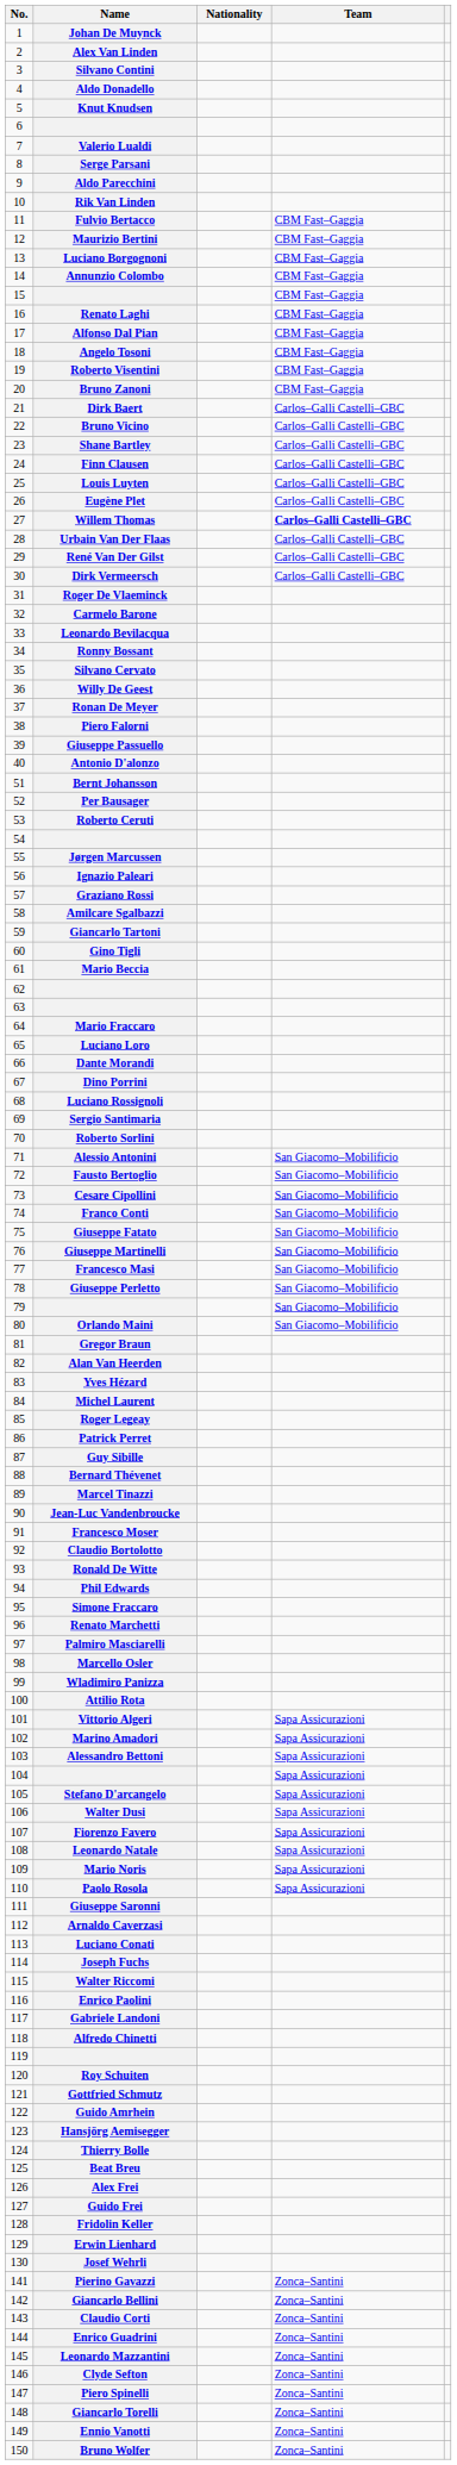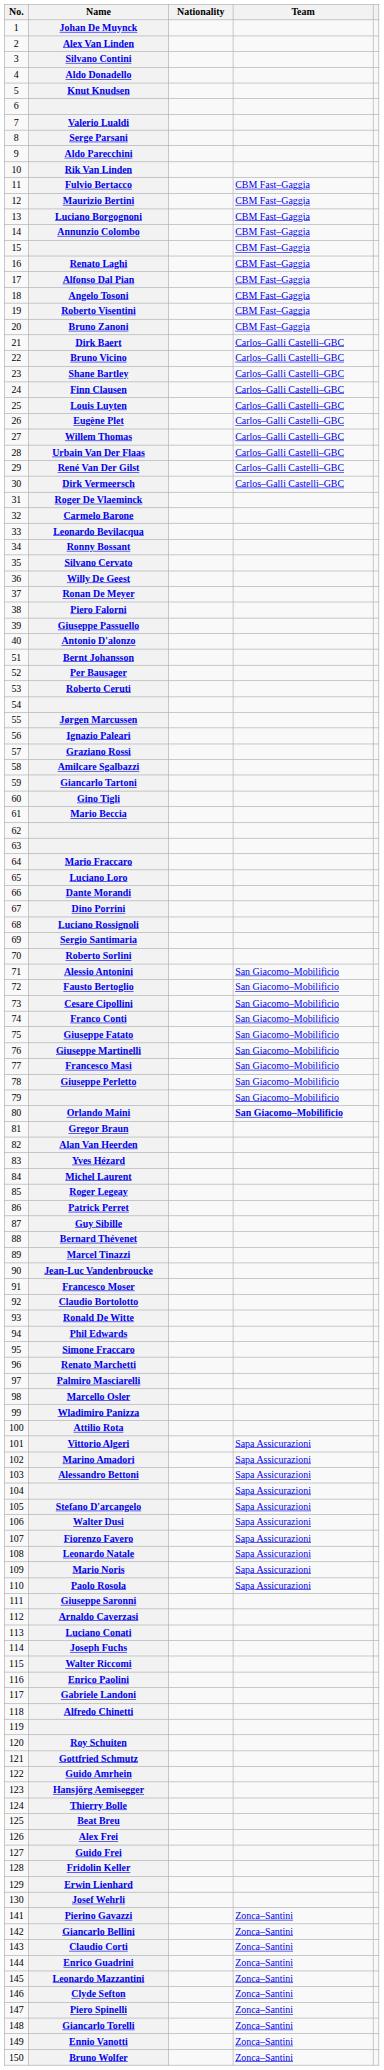 <table class="wikitable plainrowheaders sortable" style="width:97%">
 <tr>
 <th scope="col">No.</th>
 <th scope="col">Name</th>
 <th scope="col">Nationality</th>
 <th scope="col">Team</th>
 <th scope="col" class="unsortable"></th>
 </tr>
 <tr>
 <td style="text-align:center;">1</td>
 <th scope="row"><a href='#'>Johan De Muynck</a></th>
 <td></td>
 <td></td>
 <td style="text-align:center;"></td>
 </tr>
 <tr>
 <td style="text-align:center;">2</td>
 <th scope="row"><a href='#'>Alex Van Linden</a></th>
 <td></td>
 <td></td>
 <td style="text-align:center;"></td>
 </tr>
 <tr>
 <td style="text-align:center;">3</td>
 <th scope="row"><a href='#'>Silvano Contini</a></th>
 <td></td>
 <td></td>
 <td style="text-align:center;"></td>
 </tr>
 <tr>
 <td style="text-align:center;">4</td>
 <th scope="row"><a href='#'>Aldo Donadello</a></th>
 <td></td>
 <td></td>
 <td style="text-align:center;"></td>
 </tr>
 <tr>
 <td style="text-align:center;">5</td>
 <th scope="row"><a href='#'>Knut Knudsen</a></th>
 <td></td>
 <td></td>
 <td style="text-align:center;"></td>
 </tr>
 <tr>
 <td style="text-align:center;">6</td>
 <th scope="row"></th>
 <td></td>
 <td></td>
 <td style="text-align:center;"></td>
 </tr>
 <tr>
 <td style="text-align:center;">7</td>
 <th scope="row"><a href='#'>Valerio Lualdi</a></th>
 <td></td>
 <td></td>
 <td style="text-align:center;"></td>
 </tr>
 <tr>
 <td style="text-align:center;">8</td>
 <th scope="row"><a href='#'>Serge Parsani</a></th>
 <td></td>
 <td></td>
 <td style="text-align:center;"></td>
 </tr>
 <tr>
 <td style="text-align:center;">9</td>
 <th scope="row"><a href='#'>Aldo Parecchini</a></th>
 <td></td>
 <td></td>
 <td style="text-align:center;"></td>
 </tr>
 <tr>
 <td style="text-align:center;">10</td>
 <th scope="row"><a href='#'>Rik Van Linden</a></th>
 <td></td>
 <td></td>
 <td style="text-align:center;"></td>
 </tr>
 <tr>
 <td style="text-align:center;">11</td>
 <th scope="row"><a href='#'>Fulvio Bertacco</a></th>
 <td></td>
 <td><a href='#'>CBM Fast–Gaggia</a></td>
 <td style="text-align:center;"></td>
 </tr>
 <tr>
 <td style="text-align:center;">12</td>
 <th scope="row"><a href='#'>Maurizio Bertini</a></th>
 <td></td>
 <td><a href='#'>CBM Fast–Gaggia</a></td>
 <td style="text-align:center;"></td>
 </tr>
 <tr>
 <td style="text-align:center;">13</td>
 <th scope="row"><a href='#'>Luciano Borgognoni</a></th>
 <td></td>
 <td><a href='#'>CBM Fast–Gaggia</a></td>
 <td style="text-align:center;"></td>
 </tr>
 <tr>
 <td style="text-align:center;">14</td>
 <th scope="row"><a href='#'>Annunzio Colombo</a></th>
 <td></td>
 <td><a href='#'>CBM Fast–Gaggia</a></td>
 <td style="text-align:center;"></td>
 </tr>
 <tr>
 <td style="text-align:center;">15</td>
 <th scope="row"></th>
 <td></td>
 <td><a href='#'>CBM Fast–Gaggia</a></td>
 <td style="text-align:center;"></td>
 </tr>
 <tr>
 <td style="text-align:center;">16</td>
 <th scope="row"><a href='#'>Renato Laghi</a></th>
 <td></td>
 <td><a href='#'>CBM Fast–Gaggia</a></td>
 <td style="text-align:center;"></td>
 </tr>
 <tr>
 <td style="text-align:center;">17</td>
 <th scope="row"><a href='#'>Alfonso Dal Pian</a></th>
 <td></td>
 <td><a href='#'>CBM Fast–Gaggia</a></td>
 <td style="text-align:center;"></td>
 </tr>
 <tr>
 <td style="text-align:center;">18</td>
 <th scope="row"><a href='#'>Angelo Tosoni</a></th>
 <td></td>
 <td><a href='#'>CBM Fast–Gaggia</a></td>
 <td style="text-align:center;"></td>
 </tr>
 <tr>
 <td style="text-align:center;">19</td>
 <th scope="row"><a href='#'>Roberto Visentini</a></th>
 <td></td>
 <td><a href='#'>CBM Fast–Gaggia</a></td>
 <td style="text-align:center;"></td>
 </tr>
 <tr>
 <td style="text-align:center;">20</td>
 <th scope="row"><a href='#'>Bruno Zanoni</a></th>
 <td></td>
 <td><a href='#'>CBM Fast–Gaggia</a></td>
 <td style="text-align:center;"></td>
 </tr>
 <tr>
 <td style="text-align:center;">21</td>
 <th scope="row"><a href='#'>Dirk Baert</a></th>
 <td></td>
 <td><a href='#'>Carlos–Galli Castelli–GBC</a></td>
 <td style="text-align:center;"></td>
 </tr>
 <tr>
 <td style="text-align:center;">22</td>
 <th scope="row"><a href='#'>Bruno Vicino</a></th>
 <td></td>
 <td><a href='#'>Carlos–Galli Castelli–GBC</a></td>
 <td style="text-align:center;"></td>
 </tr>
 <tr>
 <td style="text-align:center;">23</td>
 <th scope="row"><a href='#'>Shane Bartley</a></th>
 <td></td>
 <td><a href='#'>Carlos–Galli Castelli–GBC</a></td>
 <td style="text-align:center;"></td>
 </tr>
 <tr>
 <td style="text-align:center;">24</td>
 <th scope="row"><a href='#'>Finn Clausen</a></th>
 <td></td>
 <td><a href='#'>Carlos–Galli Castelli–GBC</a></td>
 <td style="text-align:center;"></td>
 </tr>
 <tr>
 <td style="text-align:center;">25</td>
 <th scope="row"><a href='#'>Louis Luyten</a></th>
 <td></td>
 <td><a href='#'>Carlos–Galli Castelli–GBC</a></td>
 <td style="text-align:center;"></td>
 </tr>
 <tr>
 <td style="text-align:center;">26</td>
 <th scope="row"><a href='#'>Eugène Plet</a></th>
 <td></td>
 <td><a href='#'>Carlos–Galli Castelli–GBC</a></td>
 <td style="text-align:center;"></td>
 </tr>
 <tr>
 <td style="text-align:center;">27</td>
 <th scope="row"><a href='#'>Willem Thomas</a></th>
 <td></td>
-<td><strong><a href='#'>Carlos–Galli Castelli–GBC</a></strong></td>
+<td><a href='#'>Carlos–Galli Castelli–GBC</a></td>
 <td style="text-align:center;"></td>
 </tr>
 <tr>
 <td style="text-align:center;">28</td>
 <th scope="row"><a href='#'>Urbain Van Der Flaas</a></th>
 <td></td>
 <td><a href='#'>Carlos–Galli Castelli–GBC</a></td>
 <td style="text-align:center;"></td>
 </tr>
 <tr>
 <td style="text-align:center;">29</td>
 <th scope="row"><a href='#'>René Van Der Gilst</a></th>
 <td></td>
 <td><a href='#'>Carlos–Galli Castelli–GBC</a></td>
 <td style="text-align:center;"></td>
 </tr>
 <tr>
 <td style="text-align:center;">30</td>
 <th scope="row"><a href='#'>Dirk Vermeersch</a></th>
 <td></td>
 <td><a href='#'>Carlos–Galli Castelli–GBC</a></td>
 <td style="text-align:center;"></td>
 </tr>
 <tr>
 <td style="text-align:center;">31</td>
 <th scope="row"><a href='#'>Roger De Vlaeminck</a></th>
 <td></td>
 <td></td>
 <td style="text-align:center;"></td>
 </tr>
 <tr>
 <td style="text-align:center;">32</td>
 <th scope="row"><a href='#'>Carmelo Barone</a></th>
 <td></td>
 <td></td>
 <td style="text-align:center;"></td>
 </tr>
 <tr>
 <td style="text-align:center;">33</td>
 <th scope="row"><a href='#'>Leonardo Bevilacqua</a></th>
 <td></td>
 <td></td>
 <td style="text-align:center;"></td>
 </tr>
 <tr>
 <td style="text-align:center;">34</td>
 <th scope="row"><a href='#'>Ronny Bossant</a></th>
 <td></td>
 <td></td>
 <td style="text-align:center;"></td>
 </tr>
 <tr>
 <td style="text-align:center;">35</td>
 <th scope="row"><a href='#'>Silvano Cervato</a></th>
 <td></td>
 <td></td>
 <td style="text-align:center;"></td>
 </tr>
 <tr>
 <td style="text-align:center;">36</td>
 <th scope="row"><a href='#'>Willy De Geest</a></th>
 <td></td>
 <td></td>
 <td style="text-align:center;"></td>
 </tr>
 <tr>
 <td style="text-align:center;">37</td>
 <th scope="row"><a href='#'>Ronan De Meyer</a></th>
 <td></td>
 <td></td>
 <td style="text-align:center;"></td>
 </tr>
 <tr>
 <td style="text-align:center;">38</td>
 <th scope="row"><a href='#'>Piero Falorni</a></th>
 <td></td>
 <td></td>
 <td style="text-align:center;"></td>
 </tr>
 <tr>
 <td style="text-align:center;">39</td>
 <th scope="row"><a href='#'>Giuseppe Passuello</a></th>
 <td></td>
 <td></td>
 <td style="text-align:center;"></td>
 </tr>
 <tr>
 <td style="text-align:center;">40</td>
 <th scope="row"><a href='#'>Antonio D'alonzo</a></th>
 <td></td>
 <td></td>
 <td style="text-align:center;"></td>
 </tr>
 <tr>
 <td style="text-align:center;">51</td>
 <th scope="row"><a href='#'>Bernt Johansson</a></th>
 <td></td>
 <td></td>
 <td style="text-align:center;"></td>
 </tr>
 <tr>
 <td style="text-align:center;">52</td>
 <th scope="row"><a href='#'>Per Bausager</a></th>
 <td></td>
 <td></td>
 <td style="text-align:center;"></td>
 </tr>
 <tr>
 <td style="text-align:center;">53</td>
 <th scope="row"><a href='#'>Roberto Ceruti</a></th>
 <td></td>
 <td></td>
 <td style="text-align:center;"></td>
 </tr>
 <tr>
 <td style="text-align:center;">54</td>
 <th scope="row"></th>
 <td></td>
 <td></td>
 <td style="text-align:center;"></td>
 </tr>
 <tr>
 <td style="text-align:center;">55</td>
 <th scope="row"><a href='#'>Jørgen Marcussen</a></th>
 <td></td>
 <td></td>
 <td style="text-align:center;"></td>
 </tr>
 <tr>
 <td style="text-align:center;">56</td>
 <th scope="row"><a href='#'>Ignazio Paleari</a></th>
 <td></td>
 <td></td>
 <td style="text-align:center;"></td>
 </tr>
 <tr>
 <td style="text-align:center;">57</td>
 <th scope="row"><a href='#'>Graziano Rossi</a></th>
 <td></td>
 <td></td>
 <td style="text-align:center;"></td>
 </tr>
 <tr>
 <td style="text-align:center;">58</td>
 <th scope="row"><a href='#'>Amilcare Sgalbazzi</a></th>
 <td></td>
 <td></td>
 <td style="text-align:center;"></td>
 </tr>
 <tr>
 <td style="text-align:center;">59</td>
 <th scope="row"><a href='#'>Giancarlo Tartoni</a></th>
 <td></td>
 <td></td>
 <td style="text-align:center;"></td>
 </tr>
 <tr>
 <td style="text-align:center;">60</td>
 <th scope="row"><a href='#'>Gino Tigli</a></th>
 <td></td>
 <td></td>
 <td style="text-align:center;"></td>
 </tr>
 <tr>
 <td style="text-align:center;">61</td>
 <th scope="row"><a href='#'>Mario Beccia</a></th>
 <td></td>
 <td></td>
 <td style="text-align:center;"></td>
 </tr>
 <tr>
 <td style="text-align:center;">62</td>
 <th scope="row"></th>
 <td></td>
 <td></td>
 <td style="text-align:center;"></td>
 </tr>
 <tr>
 <td style="text-align:center;">63</td>
 <th scope="row"></th>
 <td></td>
 <td></td>
 <td style="text-align:center;"></td>
 </tr>
 <tr>
 <td style="text-align:center;">64</td>
 <th scope="row"><a href='#'>Mario Fraccaro</a></th>
 <td></td>
 <td></td>
 <td style="text-align:center;"></td>
 </tr>
 <tr>
 <td style="text-align:center;">65</td>
 <th scope="row"><a href='#'>Luciano Loro</a></th>
 <td></td>
 <td></td>
 <td style="text-align:center;"></td>
 </tr>
 <tr>
 <td style="text-align:center;">66</td>
 <th scope="row"><a href='#'>Dante Morandi</a></th>
 <td></td>
 <td></td>
 <td style="text-align:center;"></td>
 </tr>
 <tr>
 <td style="text-align:center;">67</td>
 <th scope="row"><a href='#'>Dino Porrini</a></th>
 <td></td>
 <td></td>
 <td style="text-align:center;"></td>
 </tr>
 <tr>
 <td style="text-align:center;">68</td>
 <th scope="row"><a href='#'>Luciano Rossignoli</a></th>
 <td></td>
 <td></td>
 <td style="text-align:center;"></td>
 </tr>
 <tr>
 <td style="text-align:center;">69</td>
 <th scope="row"><a href='#'>Sergio Santimaria</a></th>
 <td></td>
 <td></td>
 <td style="text-align:center;"></td>
 </tr>
 <tr>
 <td style="text-align:center;">70</td>
 <th scope="row"><a href='#'>Roberto Sorlini</a></th>
 <td></td>
 <td></td>
 <td style="text-align:center;"></td>
 </tr>
 <tr>
 <td style="text-align:center;">71</td>
 <th scope="row"><a href='#'>Alessio Antonini</a></th>
 <td></td>
 <td><a href='#'>San Giacomo–Mobilificio</a></td>
 <td style="text-align:center;"></td>
 </tr>
 <tr>
 <td style="text-align:center;">72</td>
 <th scope="row"><a href='#'>Fausto Bertoglio</a></th>
 <td></td>
 <td><a href='#'>San Giacomo–Mobilificio</a></td>
 <td style="text-align:center;"></td>
 </tr>
 <tr>
 <td style="text-align:center;">73</td>
 <th scope="row"><a href='#'>Cesare Cipollini</a></th>
 <td></td>
 <td><a href='#'>San Giacomo–Mobilificio</a></td>
 <td style="text-align:center;"></td>
 </tr>
 <tr>
 <td style="text-align:center;">74</td>
 <th scope="row"><a href='#'>Franco Conti</a></th>
 <td></td>
 <td><a href='#'>San Giacomo–Mobilificio</a></td>
 <td style="text-align:center;"></td>
 </tr>
 <tr>
 <td style="text-align:center;">75</td>
 <th scope="row"><a href='#'>Giuseppe Fatato</a></th>
 <td></td>
 <td><a href='#'>San Giacomo–Mobilificio</a></td>
 <td style="text-align:center;"></td>
 </tr>
 <tr>
 <td style="text-align:center;">76</td>
 <th scope="row"><a href='#'>Giuseppe Martinelli</a></th>
 <td></td>
 <td><a href='#'>San Giacomo–Mobilificio</a></td>
 <td style="text-align:center;"></td>
 </tr>
 <tr>
 <td style="text-align:center;">77</td>
 <th scope="row"><a href='#'>Francesco Masi</a></th>
 <td></td>
 <td><a href='#'>San Giacomo–Mobilificio</a></td>
 <td style="text-align:center;"></td>
 </tr>
 <tr>
 <td style="text-align:center;">78</td>
 <th scope="row"><a href='#'>Giuseppe Perletto</a></th>
 <td></td>
 <td><a href='#'>San Giacomo–Mobilificio</a></td>
 <td style="text-align:center;"></td>
 </tr>
 <tr>
 <td style="text-align:center;">79</td>
 <th scope="row"></th>
 <td></td>
 <td><a href='#'>San Giacomo–Mobilificio</a></td>
 <td style="text-align:center;"></td>
 </tr>
 <tr>
 <td style="text-align:center;">80</td>
 <th scope="row"><a href='#'>Orlando Maini</a></th>
 <td></td>
-<td><a href='#'>San Giacomo–Mobilificio</a></td>
+<td><strong><a href='#'>San Giacomo–Mobilificio</a></strong></td>
 <td style="text-align:center;"></td>
 </tr>
 <tr>
 <td style="text-align:center;">81</td>
 <th scope="row"><a href='#'>Gregor Braun</a></th>
 <td></td>
 <td></td>
 <td style="text-align:center;"></td>
 </tr>
 <tr>
 <td style="text-align:center;">82</td>
 <th scope="row"><a href='#'>Alan Van Heerden</a></th>
 <td></td>
 <td></td>
 <td style="text-align:center;"></td>
 </tr>
 <tr>
 <td style="text-align:center;">83</td>
 <th scope="row"><a href='#'>Yves Hézard</a></th>
 <td></td>
 <td></td>
 <td style="text-align:center;"></td>
 </tr>
 <tr>
 <td style="text-align:center;">84</td>
 <th scope="row"><a href='#'>Michel Laurent</a></th>
 <td></td>
 <td></td>
 <td style="text-align:center;"></td>
 </tr>
 <tr>
 <td style="text-align:center;">85</td>
 <th scope="row"><a href='#'>Roger Legeay</a></th>
 <td></td>
 <td></td>
 <td style="text-align:center;"></td>
 </tr>
 <tr>
 <td style="text-align:center;">86</td>
 <th scope="row"><a href='#'>Patrick Perret</a></th>
 <td></td>
 <td></td>
 <td style="text-align:center;"></td>
 </tr>
 <tr>
 <td style="text-align:center;">87</td>
 <th scope="row"><a href='#'>Guy Sibille</a></th>
 <td></td>
 <td></td>
 <td style="text-align:center;"></td>
 </tr>
 <tr>
 <td style="text-align:center;">88</td>
 <th scope="row"><a href='#'>Bernard Thévenet</a></th>
 <td></td>
 <td></td>
 <td style="text-align:center;"></td>
 </tr>
 <tr>
 <td style="text-align:center;">89</td>
 <th scope="row"><a href='#'>Marcel Tinazzi</a></th>
 <td></td>
 <td></td>
 <td style="text-align:center;"></td>
 </tr>
 <tr>
 <td style="text-align:center;">90</td>
 <th scope="row"><a href='#'>Jean-Luc Vandenbroucke</a></th>
 <td></td>
 <td></td>
 <td style="text-align:center;"></td>
 </tr>
 <tr>
 <td style="text-align:center;">91</td>
 <th scope="row"><a href='#'>Francesco Moser</a></th>
 <td></td>
 <td></td>
 <td style="text-align:center;"></td>
 </tr>
 <tr>
 <td style="text-align:center;">92</td>
 <th scope="row"><a href='#'>Claudio Bortolotto</a></th>
 <td></td>
 <td></td>
 <td style="text-align:center;"></td>
 </tr>
 <tr>
 <td style="text-align:center;">93</td>
 <th scope="row"><a href='#'>Ronald De Witte</a></th>
 <td></td>
 <td></td>
 <td style="text-align:center;"></td>
 </tr>
 <tr>
 <td style="text-align:center;">94</td>
 <th scope="row"><a href='#'>Phil Edwards</a></th>
 <td></td>
 <td></td>
 <td style="text-align:center;"></td>
 </tr>
 <tr>
 <td style="text-align:center;">95</td>
 <th scope="row"><a href='#'>Simone Fraccaro</a></th>
 <td></td>
 <td></td>
 <td style="text-align:center;"></td>
 </tr>
 <tr>
 <td style="text-align:center;">96</td>
 <th scope="row"><a href='#'>Renato Marchetti</a></th>
 <td></td>
 <td></td>
 <td style="text-align:center;"></td>
 </tr>
 <tr>
 <td style="text-align:center;">97</td>
 <th scope="row"><a href='#'>Palmiro Masciarelli</a></th>
 <td></td>
 <td></td>
 <td style="text-align:center;"></td>
 </tr>
 <tr>
 <td style="text-align:center;">98</td>
 <th scope="row"><a href='#'>Marcello Osler</a></th>
 <td></td>
 <td></td>
 <td style="text-align:center;"></td>
 </tr>
 <tr>
 <td style="text-align:center;">99</td>
 <th scope="row"><a href='#'>Wladimiro Panizza</a></th>
 <td></td>
 <td></td>
 <td style="text-align:center;"></td>
 </tr>
 <tr>
 <td style="text-align:center;">100</td>
 <th scope="row"><a href='#'>Attilio Rota</a></th>
 <td></td>
 <td></td>
 <td style="text-align:center;"></td>
 </tr>
 <tr>
 <td style="text-align:center;">101</td>
 <th scope="row"><a href='#'>Vittorio Algeri</a></th>
 <td></td>
 <td><a href='#'>Sapa Assicurazioni</a></td>
 <td style="text-align:center;"></td>
 </tr>
 <tr>
 <td style="text-align:center;">102</td>
 <th scope="row"><a href='#'>Marino Amadori</a></th>
 <td></td>
 <td><a href='#'>Sapa Assicurazioni</a></td>
 <td style="text-align:center;"></td>
 </tr>
 <tr>
 <td style="text-align:center;">103</td>
 <th scope="row"><a href='#'>Alessandro Bettoni</a></th>
 <td></td>
 <td><a href='#'>Sapa Assicurazioni</a></td>
 <td style="text-align:center;"></td>
 </tr>
 <tr>
 <td style="text-align:center;">104</td>
 <th scope="row"></th>
 <td></td>
 <td><a href='#'>Sapa Assicurazioni</a></td>
 <td style="text-align:center;"></td>
 </tr>
 <tr>
 <td style="text-align:center;">105</td>
 <th scope="row"><a href='#'>Stefano D'arcangelo</a></th>
 <td></td>
 <td><a href='#'>Sapa Assicurazioni</a></td>
 <td style="text-align:center;"></td>
 </tr>
 <tr>
 <td style="text-align:center;">106</td>
 <th scope="row"><a href='#'>Walter Dusi</a></th>
 <td></td>
 <td><a href='#'>Sapa Assicurazioni</a></td>
 <td style="text-align:center;"></td>
 </tr>
 <tr>
 <td style="text-align:center;">107</td>
 <th scope="row"><a href='#'>Fiorenzo Favero</a></th>
 <td></td>
 <td><a href='#'>Sapa Assicurazioni</a></td>
 <td style="text-align:center;"></td>
 </tr>
 <tr>
 <td style="text-align:center;">108</td>
 <th scope="row"><a href='#'>Leonardo Natale</a></th>
 <td></td>
 <td><a href='#'>Sapa Assicurazioni</a></td>
 <td style="text-align:center;"></td>
 </tr>
 <tr>
 <td style="text-align:center;">109</td>
 <th scope="row"><a href='#'>Mario Noris</a></th>
 <td></td>
 <td><a href='#'>Sapa Assicurazioni</a></td>
 <td style="text-align:center;"></td>
 </tr>
 <tr>
 <td style="text-align:center;">110</td>
 <th scope="row"><a href='#'>Paolo Rosola</a></th>
 <td></td>
 <td><a href='#'>Sapa Assicurazioni</a></td>
 <td style="text-align:center;"></td>
 </tr>
 <tr>
 <td style="text-align:center;">111</td>
 <th scope="row"><a href='#'>Giuseppe Saronni</a></th>
 <td></td>
 <td></td>
 <td style="text-align:center;"></td>
 </tr>
 <tr>
 <td style="text-align:center;">112</td>
 <th scope="row"><a href='#'>Arnaldo Caverzasi</a></th>
 <td></td>
 <td></td>
 <td style="text-align:center;"></td>
 </tr>
 <tr>
 <td style="text-align:center;">113</td>
 <th scope="row"><a href='#'>Luciano Conati</a></th>
 <td></td>
 <td></td>
 <td style="text-align:center;"></td>
 </tr>
 <tr>
 <td style="text-align:center;">114</td>
 <th scope="row"><a href='#'>Joseph Fuchs</a></th>
 <td></td>
 <td></td>
 <td style="text-align:center;"></td>
 </tr>
 <tr>
 <td style="text-align:center;">115</td>
 <th scope="row"><a href='#'>Walter Riccomi</a></th>
 <td></td>
 <td></td>
 <td style="text-align:center;"></td>
 </tr>
 <tr>
 <td style="text-align:center;">116</td>
 <th scope="row"><a href='#'>Enrico Paolini</a></th>
 <td></td>
 <td></td>
 <td style="text-align:center;"></td>
 </tr>
 <tr>
 <td style="text-align:center;">117</td>
 <th scope="row"><a href='#'>Gabriele Landoni</a></th>
 <td></td>
 <td></td>
 <td style="text-align:center;"></td>
 </tr>
 <tr>
 <td style="text-align:center;">118</td>
 <th scope="row"><a href='#'>Alfredo Chinetti</a></th>
 <td></td>
 <td></td>
 <td style="text-align:center;"></td>
 </tr>
 <tr>
 <td style="text-align:center;">119</td>
 <th scope="row"></th>
 <td></td>
 <td></td>
 <td style="text-align:center;"></td>
 </tr>
 <tr>
 <td style="text-align:center;">120</td>
 <th scope="row"><a href='#'>Roy Schuiten</a></th>
 <td></td>
 <td></td>
 <td style="text-align:center;"></td>
 </tr>
 <tr>
 <td style="text-align:center;">121</td>
 <th scope="row"><a href='#'>Gottfried Schmutz</a></th>
 <td></td>
 <td></td>
 <td style="text-align:center;"></td>
 </tr>
 <tr>
 <td style="text-align:center;">122</td>
 <th scope="row"><a href='#'>Guido Amrhein</a></th>
 <td></td>
 <td></td>
 <td style="text-align:center;"></td>
 </tr>
 <tr>
 <td style="text-align:center;">123</td>
 <th scope="row"><a href='#'>Hansjörg Aemisegger</a></th>
 <td></td>
 <td></td>
 <td style="text-align:center;"></td>
 </tr>
 <tr>
 <td style="text-align:center;">124</td>
 <th scope="row"><a href='#'>Thierry Bolle</a></th>
 <td></td>
 <td></td>
 <td style="text-align:center;"></td>
 </tr>
 <tr>
 <td style="text-align:center;">125</td>
 <th scope="row"><a href='#'>Beat Breu</a></th>
 <td></td>
 <td></td>
 <td style="text-align:center;"></td>
 </tr>
 <tr>
 <td style="text-align:center;">126</td>
 <th scope="row"><a href='#'>Alex Frei</a></th>
 <td></td>
 <td></td>
 <td style="text-align:center;"></td>
 </tr>
 <tr>
 <td style="text-align:center;">127</td>
 <th scope="row"><a href='#'>Guido Frei</a></th>
 <td></td>
 <td></td>
 <td style="text-align:center;"></td>
 </tr>
 <tr>
 <td style="text-align:center;">128</td>
 <th scope="row"><a href='#'>Fridolin Keller</a></th>
 <td></td>
 <td></td>
 <td style="text-align:center;"></td>
 </tr>
 <tr>
 <td style="text-align:center;">129</td>
 <th scope="row"><a href='#'>Erwin Lienhard</a></th>
 <td></td>
 <td></td>
 <td style="text-align:center;"></td>
 </tr>
 <tr>
 <td style="text-align:center;">130</td>
 <th scope="row"><a href='#'>Josef Wehrli</a></th>
 <td></td>
 <td></td>
 <td style="text-align:center;"></td>
 </tr>
 <tr>
 <td style="text-align:center;">141</td>
 <th scope="row"><a href='#'>Pierino Gavazzi</a></th>
 <td></td>
 <td><a href='#'>Zonca–Santini</a></td>
 <td style="text-align:center;"></td>
 </tr>
 <tr>
 <td style="text-align:center;">142</td>
 <th scope="row"><a href='#'>Giancarlo Bellini</a></th>
 <td></td>
 <td><a href='#'>Zonca–Santini</a></td>
 <td style="text-align:center;"></td>
 </tr>
 <tr>
 <td style="text-align:center;">143</td>
 <th scope="row"><a href='#'>Claudio Corti</a></th>
 <td></td>
 <td><a href='#'>Zonca–Santini</a></td>
 <td style="text-align:center;"></td>
 </tr>
 <tr>
 <td style="text-align:center;">144</td>
 <th scope="row"><a href='#'>Enrico Guadrini</a></th>
 <td></td>
 <td><a href='#'>Zonca–Santini</a></td>
 <td style="text-align:center;"></td>
 </tr>
 <tr>
 <td style="text-align:center;">145</td>
 <th scope="row"><a href='#'>Leonardo Mazzantini</a></th>
 <td></td>
 <td><a href='#'>Zonca–Santini</a></td>
 <td style="text-align:center;"></td>
 </tr>
 <tr>
 <td style="text-align:center;">146</td>
 <th scope="row"><a href='#'>Clyde Sefton</a></th>
 <td></td>
 <td><a href='#'>Zonca–Santini</a></td>
 <td style="text-align:center;"></td>
 </tr>
 <tr>
 <td style="text-align:center;">147</td>
 <th scope="row"><a href='#'>Piero Spinelli</a></th>
 <td></td>
 <td><a href='#'>Zonca–Santini</a></td>
 <td style="text-align:center;"></td>
 </tr>
 <tr>
 <td style="text-align:center;">148</td>
 <th scope="row"><a href='#'>Giancarlo Torelli</a></th>
 <td></td>
 <td><a href='#'>Zonca–Santini</a></td>
 <td style="text-align:center;"></td>
 </tr>
 <tr>
 <td style="text-align:center;">149</td>
 <th scope="row"><a href='#'>Ennio Vanotti</a></th>
 <td></td>
 <td><a href='#'>Zonca–Santini</a></td>
 <td style="text-align:center;"></td>
 </tr>
 <tr>
 <td style="text-align:center;">150</td>
 <th scope="row"><a href='#'>Bruno Wolfer</a></th>
 <td></td>
 <td><a href='#'>Zonca–Santini</a></td>
 <td style="text-align:center;"></td>
 </tr>
 </table>
